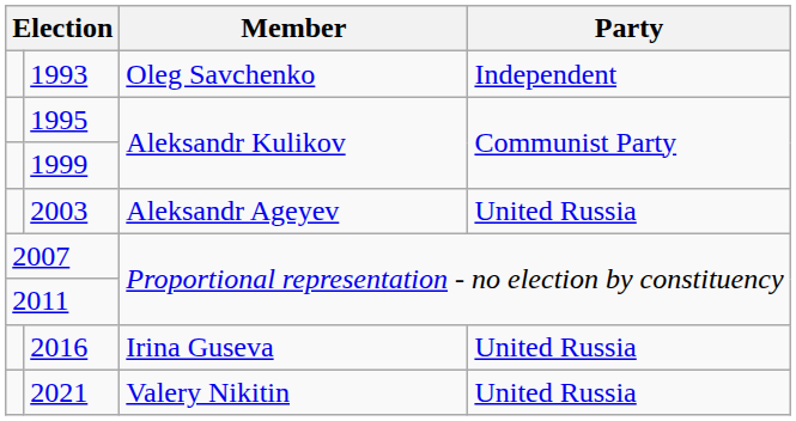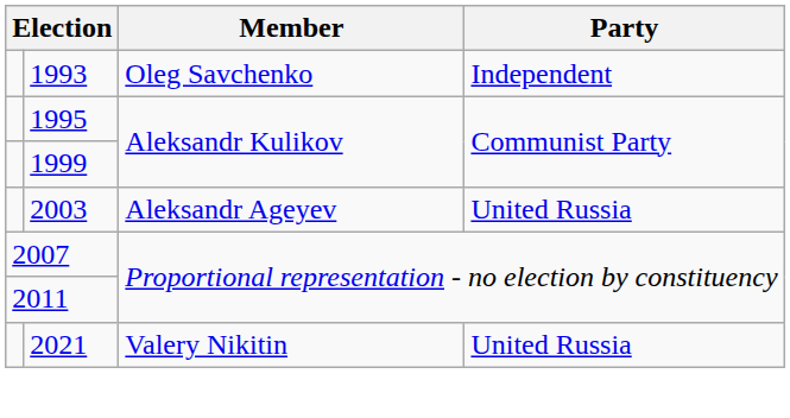 <table class="wikitable">
 <tr>
 <th colspan="2">Election</th>
 <th>Member</th>
 <th>Party</th>
 </tr>
 <tr>
 <td style="background-color:"></td>
 <td><a href='#'>1993</a></td>
 <td><a href='#'>Oleg Savchenko</a></td>
 <td><a href='#'>Independent</a></td>
 </tr>
 <tr>
 <td style="background-color:"></td>
 <td><a href='#'>1995</a></td>
 <td rowspan=2><a href='#'>Aleksandr Kulikov</a></td>
 <td rowspan=2><a href='#'>Communist Party</a></td>
 </tr>
 <tr>
 <td style="background-color:"></td>
 <td><a href='#'>1999</a></td>
 </tr>
 <tr>
 <td style="background-color:"></td>
 <td><a href='#'>2003</a></td>
 <td><a href='#'>Aleksandr Ageyev</a></td>
 <td><a href='#'>United Russia</a></td>
 </tr>
 <tr>
 <td colspan=2><a href='#'>2007</a></td>
 <td colspan=2 rowspan=2><em><a href='#'>Proportional representation</a> - no election by constituency</em></td>
 </tr>
 <tr>
 <td colspan=2><a href='#'>2011</a></td>
 </tr>
 <tr>
 <td style="background-color: "></td>
-<td><a href='#'>2016</a></td>
-<td><a href='#'>Irina Guseva</a></td>
-<td><a href='#'>United Russia</a></td>
-</tr>
-<tr>
-<td style="background-color: "></td>
 <td><a href='#'>2021</a></td>
 <td><a href='#'>Valery Nikitin</a></td>
 <td><a href='#'>United Russia</a></td>
 </tr>
 </table>
